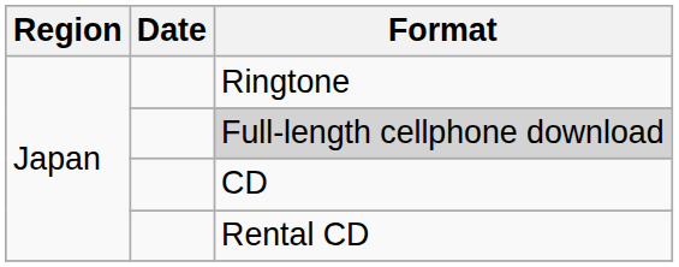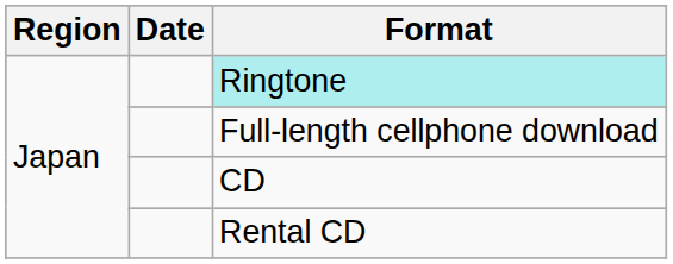 <table class="wikitable">
 <tr>
 <th>Region</th>
 <th>Date</th>
 <th>Format</th>
 </tr>
 <tr>
 <td rowspan="4">Japan</td>
 <td></td>
-<td>Ringtone</td>
+<td style="background: paleturquoise;">Ringtone</td>
 </tr>
 <tr>
 <td></td>
-<td style="background: lightgrey;">Full-length cellphone download</td>
+<td>Full-length cellphone download</td>
 </tr>
 <tr>
 <td></td>
 <td>CD</td>
 </tr>
 <tr>
 <td></td>
 <td>Rental CD</td>
 </tr>
 </table>
